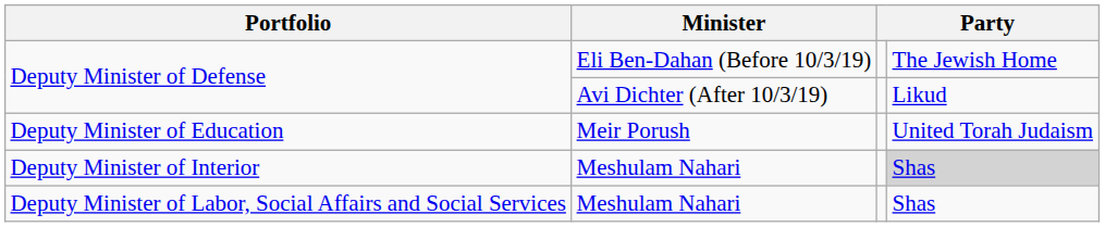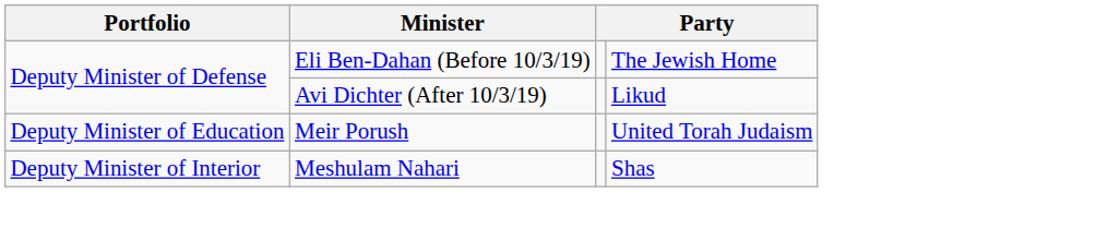 <table class=wikitable>
 <tr>
 <th>Portfolio</th>
 <th>Minister</th>
 <th colspan=2>Party</th>
 </tr>
 <tr>
 <td rowspan=2><a href='#'>Deputy Minister of Defense</a></td>
 <td><a href='#'>Eli Ben-Dahan</a> (Before 10/3/19)</td>
 <td style="background:"></td>
 <td><a href='#'>The Jewish Home</a></td>
 </tr>
 <tr>
 <td><a href='#'>Avi Dichter</a> (After 10/3/19)</td>
 <td style="background:"></td>
 <td><a href='#'>Likud</a></td>
 </tr>
 <tr>
 <td><a href='#'>Deputy Minister of Education</a></td>
 <td><a href='#'>Meir Porush</a></td>
 <td style="background:"></td>
 <td><a href='#'>United Torah Judaism</a></td>
 </tr>
 <tr>
 <td><a href='#'>Deputy Minister of Interior</a></td>
 <td><a href='#'>Meshulam Nahari</a></td>
 <td style="background:"></td>
-<td style="background: lightgrey;"><a href='#'>Shas</a></td>
-</tr>
-<tr>
-<td><a href='#'>Deputy Minister of Labor, Social Affairs and Social Services</a></td>
-<td><a href='#'>Meshulam Nahari</a></td>
-<td style="background:"></td>
 <td><a href='#'>Shas</a></td>
 </tr>
 </table>
